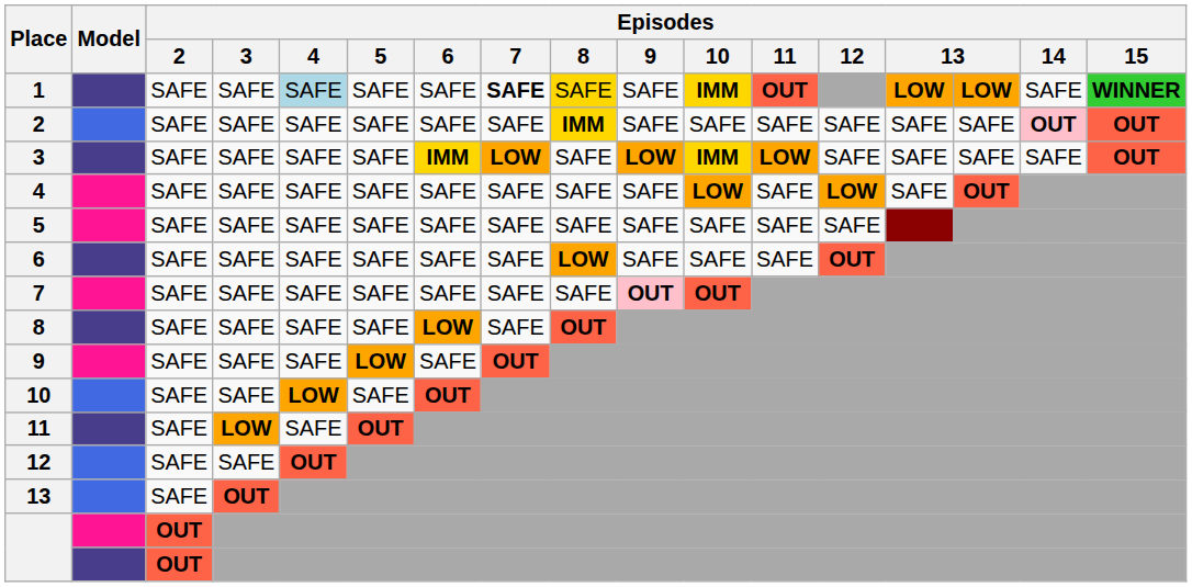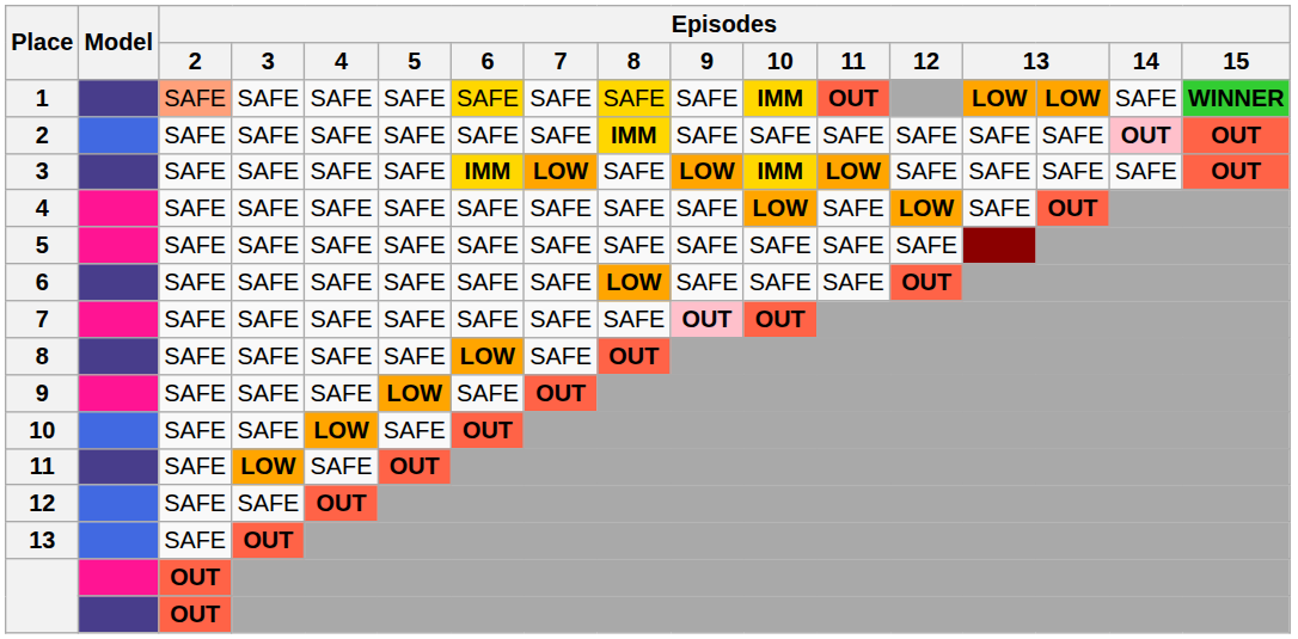 <table class="wikitable" style="text-align:center; font-size:92%">
 <tr>
 <th rowspan="2">Place</th>
 <th rowspan="2">Model</th>
 <th colspan="15">Episodes</th>
 </tr>
 <tr>
 <th>2</th>
 <th>3</th>
 <th>4</th>
 <th>5</th>
 <th>6</th>
 <th>7</th>
 <th>8</th>
 <th>9</th>
 <th>10</th>
 <th>11</th>
 <th>12</th>
 <th colspan=2>13</th>
 <th>14</th>
 <th>15</th>
 </tr>
 <tr>
 <th>1</th>
 <td style="background:#483d8b"></td>
+<td style="background: lightsalmon;">SAFE</td>
 <td>SAFE</td>
 <td>SAFE</td>
-<td style="background: lightblue;">SAFE</td>
 <td>SAFE</td>
+<td style="background: gold;">SAFE</td>
 <td>SAFE</td>
-<td><strong>SAFE</strong></td>
 <td style="background: gold;">SAFE</td>
 <td>SAFE</td>
 <td style="background:gold;"><strong>IMM</strong></td>
 <td style="background:tomato"><strong>OUT</strong></td>
 <td style="background:darkgray"></td>
 <td style="background:orange"><strong>LOW</strong></td>
 <td style="background:orange"><strong>LOW</strong></td>
 <td>SAFE</td>
 <td style="background:limegreen"><strong>WINNER</strong></td>
 </tr>
 <tr>
 <th>2</th>
 <td style="background:royalblue"></td>
 <td>SAFE</td>
 <td>SAFE</td>
 <td>SAFE</td>
 <td>SAFE</td>
 <td>SAFE</td>
 <td>SAFE</td>
 <td style="background:gold"><strong>IMM</strong></td>
 <td>SAFE</td>
 <td>SAFE</td>
 <td>SAFE</td>
 <td>SAFE</td>
 <td>SAFE</td>
 <td>SAFE</td>
 <td style="background:pink;"><strong>OUT</strong></td>
 <td style="background:tomato"><strong>OUT</strong></td>
 </tr>
 <tr>
 <th>3</th>
 <td style="background:#483d8b"></td>
 <td>SAFE</td>
 <td>SAFE</td>
 <td>SAFE</td>
 <td>SAFE</td>
 <td style="background:gold"><strong>IMM</strong></td>
 <td style="background:orange"><strong>LOW</strong></td>
 <td>SAFE</td>
 <td style="background:orange"><strong>LOW</strong></td>
 <td style="background:gold"><strong>IMM</strong></td>
 <td style="background:orange"><strong>LOW</strong></td>
 <td>SAFE</td>
 <td>SAFE</td>
 <td>SAFE</td>
 <td>SAFE</td>
 <td style="background:tomato"><strong>OUT</strong></td>
 </tr>
 <tr>
 <th>4</th>
 <td style="background:deeppink"></td>
 <td>SAFE</td>
 <td>SAFE</td>
 <td>SAFE</td>
 <td>SAFE</td>
 <td>SAFE</td>
 <td>SAFE</td>
 <td>SAFE</td>
 <td>SAFE</td>
 <td style="background:orange"><strong>LOW</strong></td>
 <td>SAFE</td>
 <td style="background:orange"><strong>LOW</strong></td>
 <td>SAFE</td>
 <td style="background:tomato"><strong>OUT</strong></td>
 <td colspan="2" style="background:darkgray"></td>
 </tr>
 <tr>
 <th>5</th>
 <td style="background:deeppink"></td>
 <td>SAFE</td>
 <td>SAFE</td>
 <td>SAFE</td>
 <td>SAFE</td>
 <td>SAFE</td>
 <td>SAFE</td>
 <td>SAFE</td>
 <td>SAFE</td>
 <td>SAFE</td>
 <td>SAFE</td>
 <td>SAFE</td>
 <td style="background:darkred"></td>
 <td colspan="4" style="background:darkgray"></td>
 </tr>
 <tr>
 <th>6</th>
 <td style="background:#483d8b"></td>
 <td>SAFE</td>
 <td>SAFE</td>
 <td>SAFE</td>
 <td>SAFE</td>
 <td>SAFE</td>
 <td>SAFE</td>
 <td style="background:orange"><strong>LOW</strong></td>
 <td>SAFE</td>
 <td>SAFE</td>
 <td>SAFE</td>
 <td style="background:tomato"><strong>OUT</strong></td>
 <td colspan="5" style="background:darkgray"></td>
 </tr>
 <tr>
 <th>7</th>
 <td style="background:deeppink"></td>
 <td>SAFE</td>
 <td>SAFE</td>
 <td>SAFE</td>
 <td>SAFE</td>
 <td>SAFE</td>
 <td>SAFE</td>
 <td>SAFE</td>
 <td style="background:pink"><strong>OUT</strong></td>
 <td style="background:tomato"><strong>OUT</strong></td>
 <td colspan="7" style="background:darkgray"></td>
 </tr>
 <tr>
 <th>8</th>
 <td style="background:#483d8b"></td>
 <td>SAFE</td>
 <td>SAFE</td>
 <td>SAFE</td>
 <td>SAFE</td>
 <td style="background:orange"><strong>LOW</strong></td>
 <td>SAFE</td>
 <td style="background:tomato"><strong>OUT</strong></td>
 <td colspan="8" style="background:darkgray"></td>
 </tr>
 <tr>
 <th>9</th>
 <td style="background:deeppink"></td>
 <td>SAFE</td>
 <td>SAFE</td>
 <td>SAFE</td>
 <td style="background:orange"><strong>LOW</strong></td>
 <td>SAFE</td>
 <td style="background:tomato"><strong>OUT</strong></td>
 <td colspan="9" style="background:darkgray"></td>
 </tr>
 <tr>
 <th>10</th>
 <td style="background:royalblue"></td>
 <td>SAFE</td>
 <td>SAFE</td>
 <td style="background:orange"><strong>LOW</strong></td>
 <td>SAFE</td>
 <td style="background:tomato"><strong>OUT</strong></td>
 <td colspan="10" style="background:darkgray"></td>
 </tr>
 <tr>
 <th>11</th>
 <td style="background:#483d8b"></td>
 <td>SAFE</td>
 <td style="background:orange"><strong>LOW</strong></td>
 <td>SAFE</td>
 <td style="background:tomato"><strong>OUT</strong></td>
 <td colspan="11" style="background:darkgray"></td>
 </tr>
 <tr>
 <th>12</th>
 <td style="background:royalblue"></td>
 <td>SAFE</td>
 <td>SAFE</td>
 <td style="background:tomato"><strong>OUT</strong></td>
 <td colspan="12" style="background:darkgray"></td>
 </tr>
 <tr>
 <th>13</th>
 <td style="background:royalblue"></td>
 <td>SAFE</td>
 <td style="background:tomato"><strong>OUT</strong></td>
 <td colspan="13" style="background:darkgray"></td>
 </tr>
 <tr>
 <th rowspan=2></th>
 <td style="background:deeppink"></td>
 <td style="background:tomato"><strong>OUT</strong></td>
 <td colspan="15" style="background:darkgray"></td>
 </tr>
 <tr>
 <td style="background:#483d8b"></td>
 <td style="background:tomato"><strong>OUT</strong></td>
 <td colspan="15" style="background:darkgray"></td>
 </tr>
 </table>
